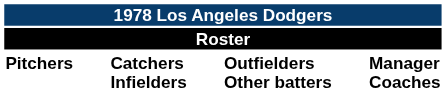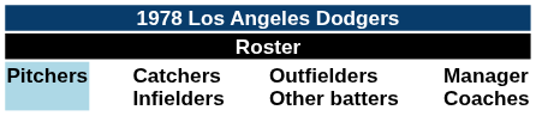 <table class="toccolours" style="font-size: 95%;">
 <tr>
 <th colspan="10" style="background-color: #083c6b; color: white; text-align: center;">1978 Los Angeles Dodgers</th>
 </tr>
 <tr>
 <td colspan="10" style="background-color: black; color: white; text-align: center;"><strong>Roster</strong></td>
 </tr>
 <tr>
-<td valign="top"><strong>Pitchers</strong><br>                             </td>
+<td valign="top" style="background: lightblue;"><strong>Pitchers</strong><br>                             </td>
 <td width="25px"></td>
 <td valign="top"><strong>Catchers</strong><br>     <strong>Infielders</strong>       </td>
 <td width="25px"></td>
 <td valign="top"><strong>Outfielders</strong><br>          <strong>Other batters</strong> </td>
 <td width="25px"></td>
 <td valign="top"><strong>Manager</strong><br> <strong>Coaches</strong>      </td>
 </tr>
 </table>
